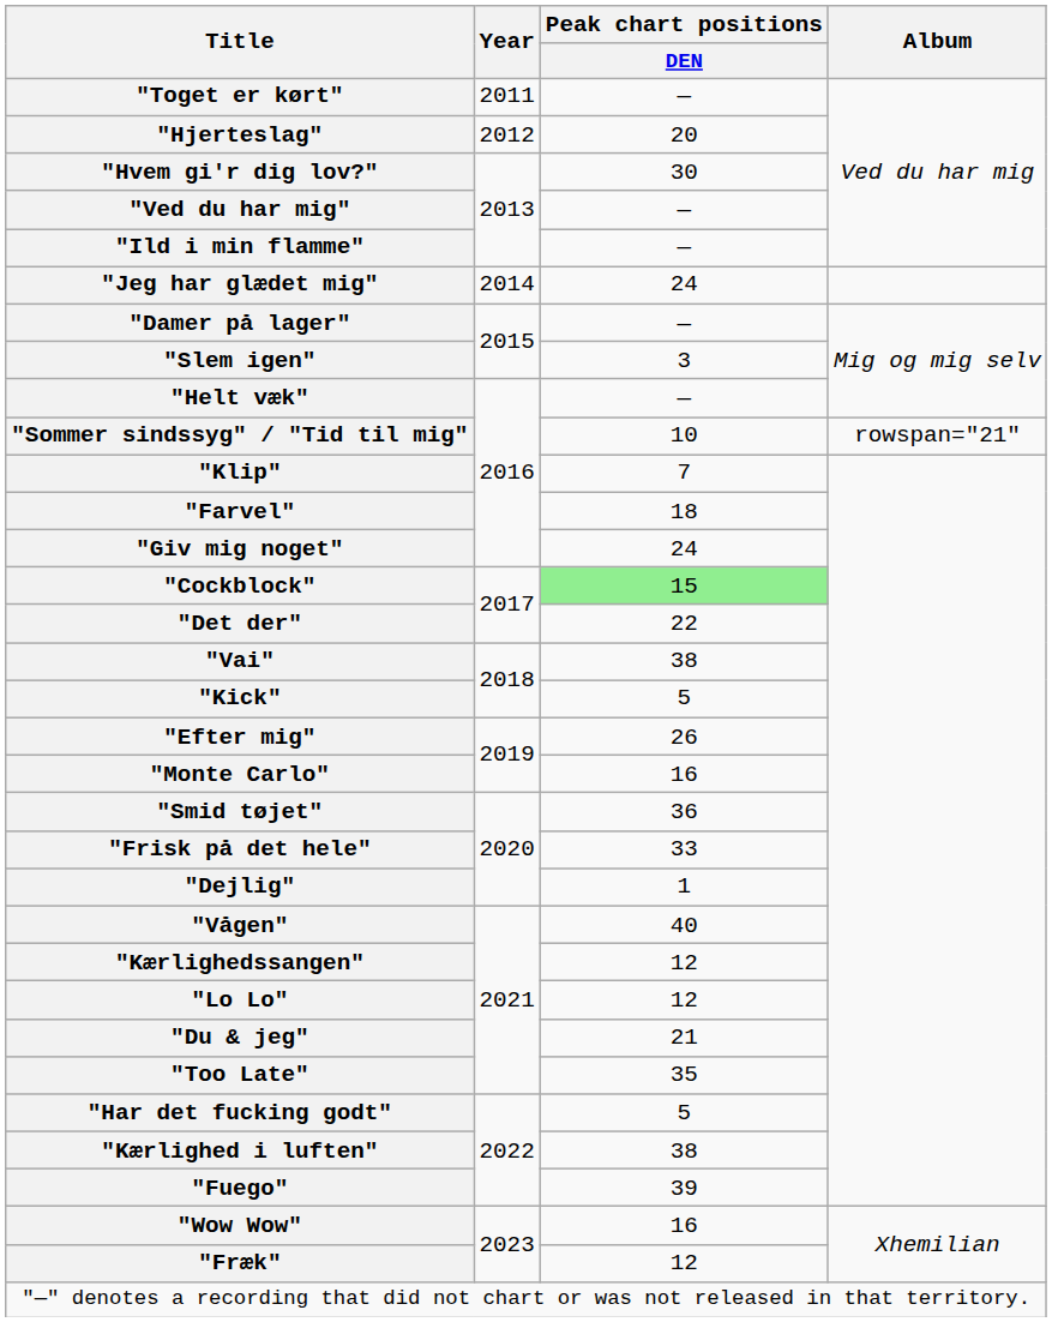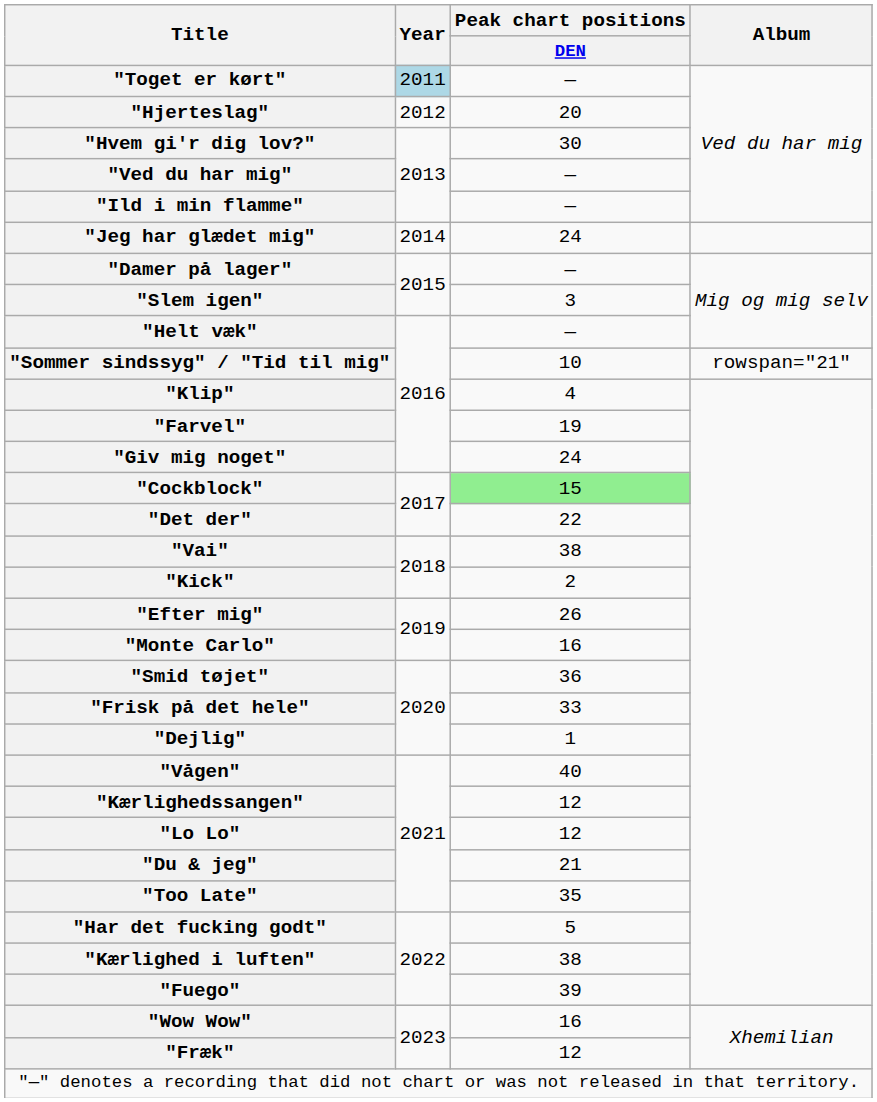 <table class="wikitable plainrowheaders" style="text-align:center;">
 <tr>
 <th scope="col" rowspan="2">Title</th>
 <th scope="col" rowspan="2">Year</th>
 <th scope="col" colspan="1">Peak chart positions</th>
 <th scope="col" rowspan="2">Album</th>
 </tr>
 <tr>
 <th scope="col" style="width:2.5 em;font-size:90%;"><a href='#'>DEN</a><br></th>
 </tr>
 <tr>
 <th scope="row">"Toget er kørt"</th>
-<td>2011</td>
+<td style="background: lightblue;">2011</td>
 <td>—</td>
 <td rowspan="5"><em>Ved du har mig</em></td>
 </tr>
 <tr>
 <th scope="row">"Hjerteslag"<br></th>
 <td>2012</td>
 <td>20</td>
 </tr>
 <tr>
 <th scope="row">"Hvem gi'r dig lov?"</th>
 <td rowspan="3">2013</td>
 <td>30</td>
 </tr>
 <tr>
 <th scope="row">"Ved du har mig"</th>
 <td>—</td>
 </tr>
 <tr>
 <th scope="row">"Ild i min flamme"</th>
 <td>—</td>
 </tr>
 <tr>
 <th scope="row">"Jeg har glædet mig"</th>
 <td>2014</td>
 <td>24</td>
 <td></td>
 </tr>
 <tr>
 <th scope="row">"Damer på lager"</th>
 <td rowspan="2">2015</td>
 <td>—</td>
 <td rowspan="3"><em>Mig og mig selv</em></td>
 </tr>
 <tr>
 <th scope="row">"Slem igen"<br></th>
 <td>3</td>
 </tr>
 <tr>
 <th scope="row">"Helt væk"</th>
 <td rowspan="5">2016</td>
 <td>—</td>
 </tr>
 <tr>
 <th scope="row">"Sommer sindssyg" / "Tid til mig"</th>
 <td>10</td>
 <td>rowspan="21" </td>
 </tr>
 <tr>
 <th scope="row">"Klip"<br></th>
-<td>7</td>
+<td>4</td>
 </tr>
 <tr>
 <th scope="row">"Farvel"</th>
-<td>18</td>
+<td>19</td>
 </tr>
 <tr>
 <th scope="row">"Giv mig noget"</th>
 <td>24<br></td>
 </tr>
 <tr>
 <th scope="row">"Cockblock"</th>
 <td rowspan="2">2017</td>
 <td style="background: lightgreen;">15<br></td>
 </tr>
 <tr>
 <th scope="row">"Det der"</th>
 <td>22<br></td>
 </tr>
 <tr>
 <th scope="row">"Vai"</th>
 <td rowspan="2">2018</td>
 <td>38<br></td>
 </tr>
 <tr>
 <th scope="row">"Kick"<br></th>
-<td>5<br></td>
+<td>2<br></td>
 </tr>
 <tr>
 <th scope="row">"Efter mig"<br></th>
 <td rowspan="2">2019</td>
 <td>26<br></td>
 </tr>
 <tr>
 <th scope="row">"Monte Carlo"<br></th>
 <td>16<br></td>
 </tr>
 <tr>
 <th scope="row">"Smid tøjet"</th>
 <td rowspan="3">2020</td>
 <td>36<br></td>
 </tr>
 <tr>
 <th scope="row">"Frisk på det hele"</th>
 <td>33<br></td>
 </tr>
 <tr>
 <th scope="row">"Dejlig"<br></th>
 <td>1<br></td>
 </tr>
 <tr>
 <th scope="row">"Vågen"</th>
 <td rowspan="5">2021</td>
 <td>40<br></td>
 </tr>
 <tr>
 <th scope="row">"Kærlighedssangen"</th>
 <td>12<br></td>
 </tr>
 <tr>
 <th scope="row">"Lo Lo"<br></th>
 <td>12<br></td>
 </tr>
 <tr>
 <th scope="row">"Du & jeg"<br></th>
 <td>21<br></td>
 </tr>
 <tr>
 <th scope="row">"Too Late"</th>
 <td>35<br></td>
 </tr>
 <tr>
 <th scope="row">"Har det fucking godt"</th>
 <td rowspan="3">2022</td>
 <td>5<br></td>
 </tr>
 <tr>
 <th scope="row">"Kærlighed i luften"</th>
 <td>38<br></td>
 </tr>
 <tr>
 <th scope="row">"Fuego"<br></th>
 <td>39<br></td>
 </tr>
 <tr>
 <th scope="row">"Wow Wow"<br></th>
 <td rowspan="2">2023</td>
 <td>16<br></td>
 <td rowspan="2"><em>Xhemilian</em></td>
 </tr>
 <tr>
 <th scope="row">"Fræk"</th>
 <td>12<br></td>
 </tr>
 <tr>
 <td colspan="11" style="font-size:90%">"—" denotes a recording that did not chart or was not released in that territory.</td>
 </tr>
 </table>
